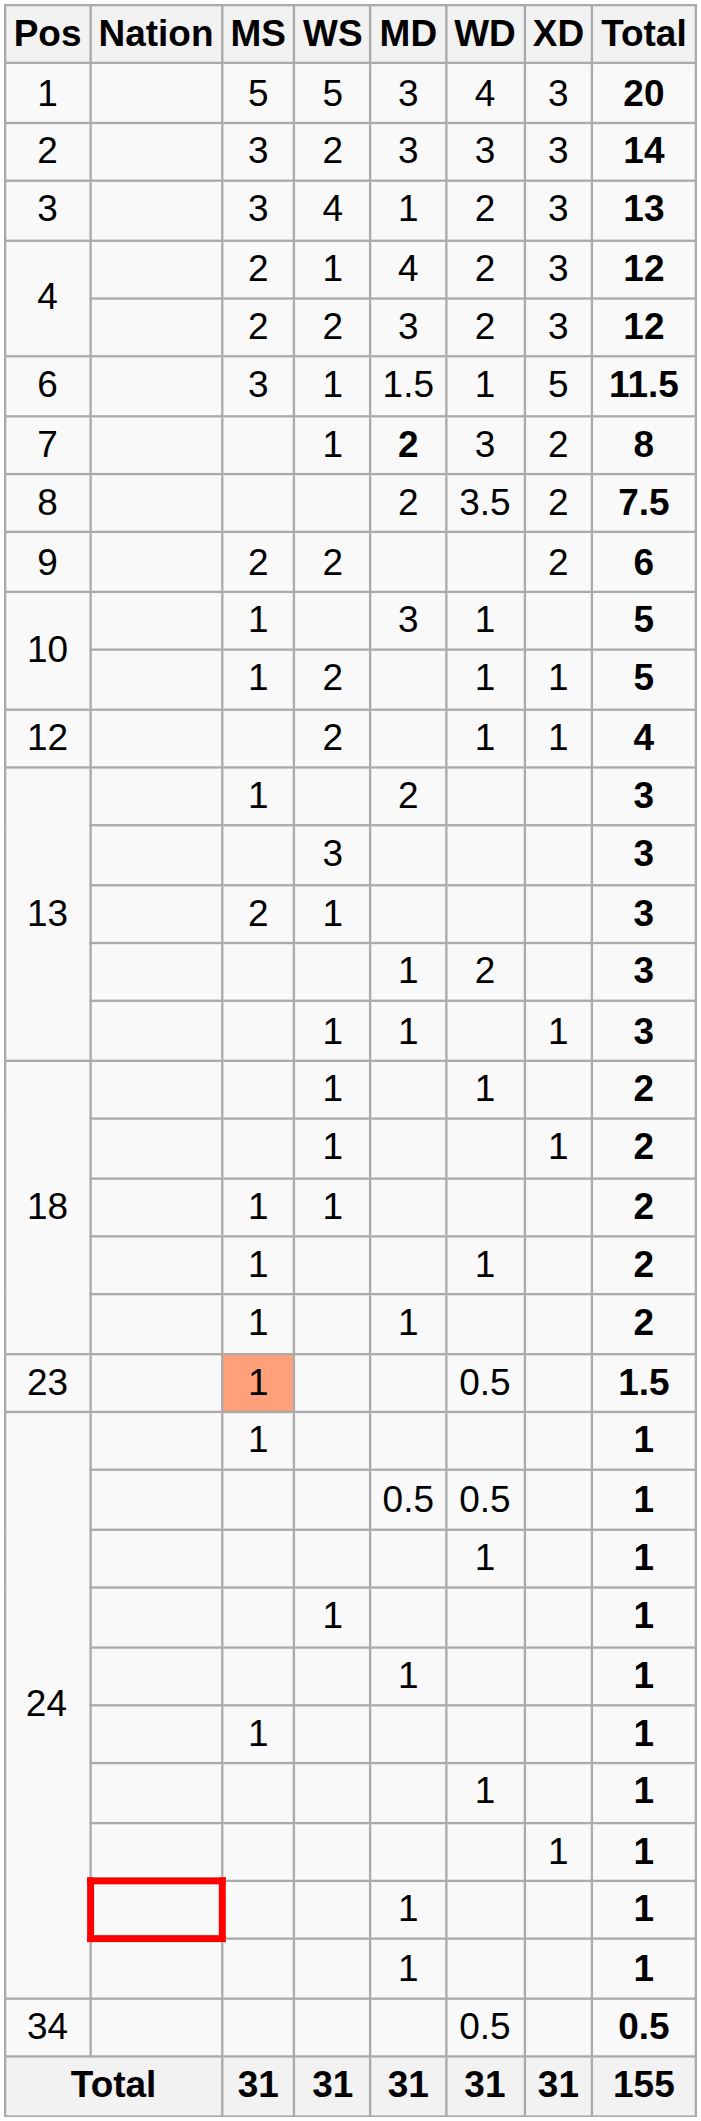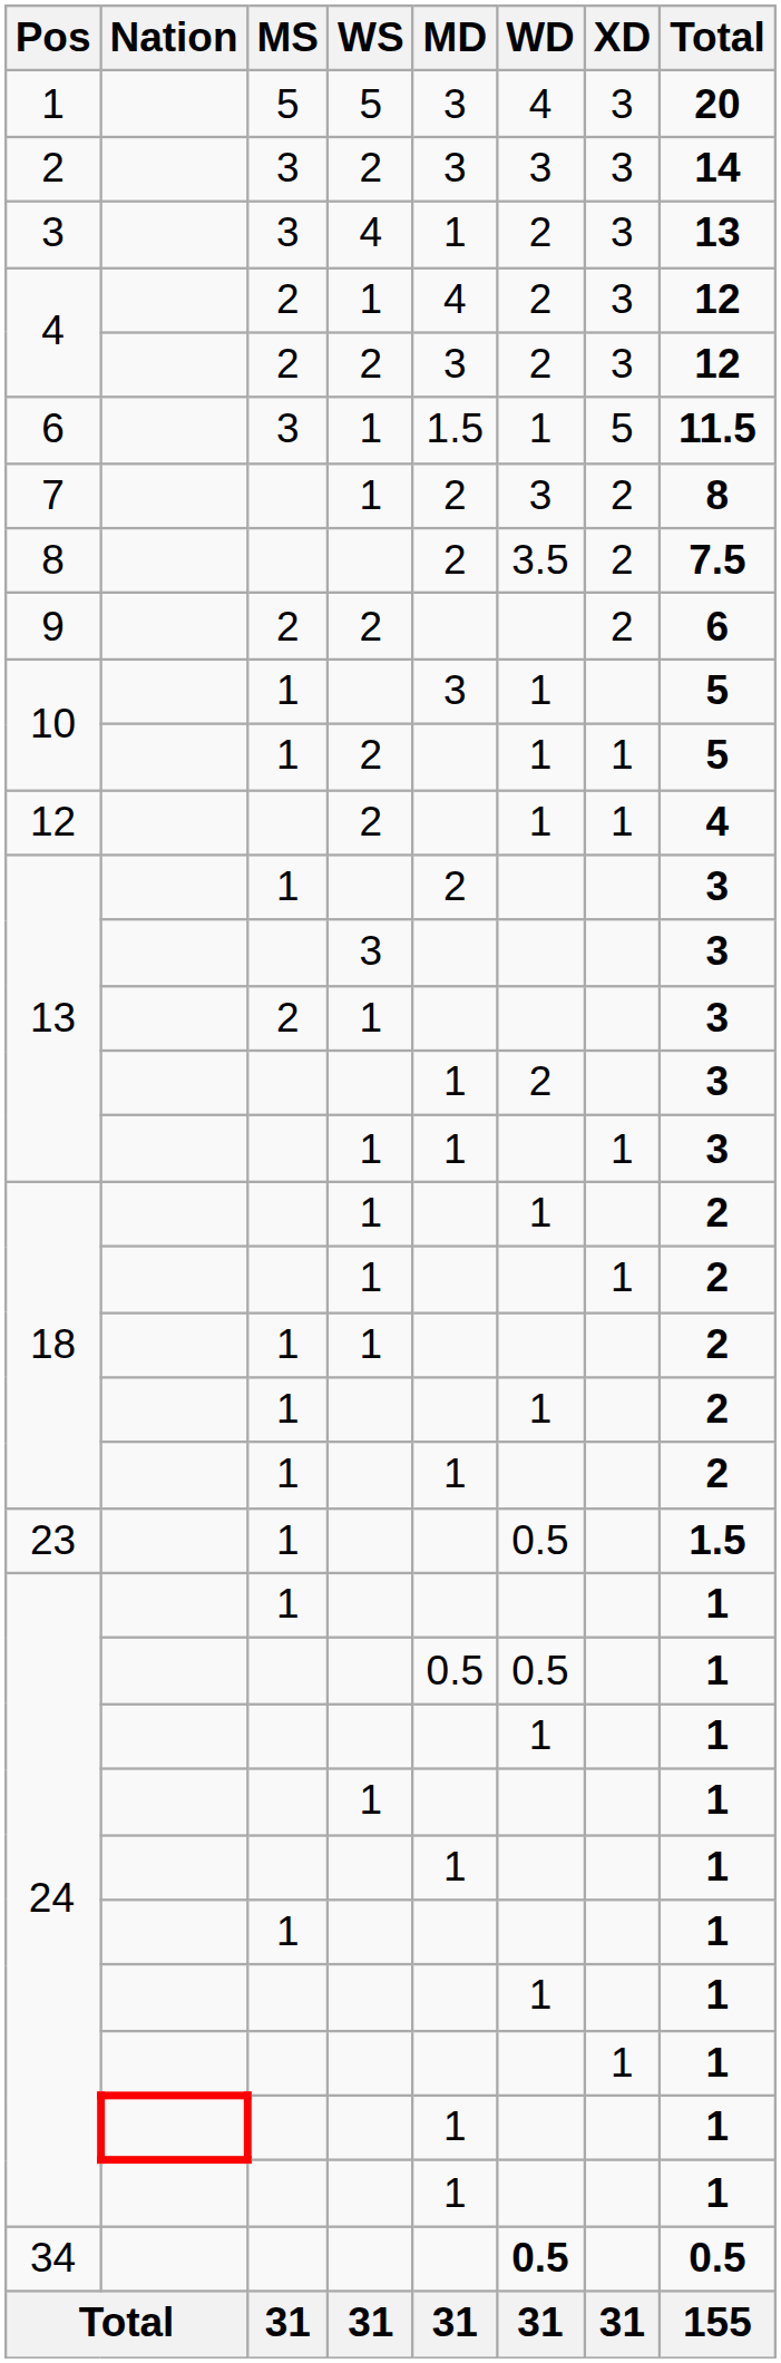 <table class="wikitable" style="text-align:center">
 <tr>
 <th>Pos</th>
 <th>Nation</th>
 <th>MS</th>
 <th>WS</th>
 <th>MD</th>
 <th>WD</th>
 <th>XD</th>
 <th>Total</th>
 </tr>
 <tr>
 <td>1</td>
 <td align="left"></td>
 <td>5</td>
 <td>5</td>
 <td>3</td>
 <td>4</td>
 <td>3</td>
 <td><strong>20</strong></td>
 </tr>
 <tr>
 <td>2</td>
 <td align="left"></td>
 <td>3</td>
 <td>2</td>
 <td>3</td>
 <td>3</td>
 <td>3</td>
 <td><strong>14</strong></td>
 </tr>
 <tr>
 <td>3</td>
 <td align="left"></td>
 <td>3</td>
 <td>4</td>
 <td>1</td>
 <td>2</td>
 <td>3</td>
 <td><strong>13</strong></td>
 </tr>
 <tr>
 <td rowspan="2">4</td>
 <td align="left"></td>
 <td>2</td>
 <td>1</td>
 <td>4</td>
 <td>2</td>
 <td>3</td>
 <td><strong>12</strong></td>
 </tr>
 <tr>
 <td align="left"></td>
 <td>2</td>
 <td>2</td>
 <td>3</td>
 <td>2</td>
 <td>3</td>
 <td><strong>12</strong></td>
 </tr>
 <tr>
 <td>6</td>
 <td align="left"></td>
 <td>3</td>
 <td>1</td>
 <td>1.5</td>
 <td>1</td>
 <td>5</td>
 <td><strong>11.5</strong></td>
 </tr>
 <tr>
 <td>7</td>
 <td align="left"></td>
 <td></td>
 <td>1</td>
-<td><strong>2</strong></td>
+<td>2</td>
 <td>3</td>
 <td>2</td>
 <td><strong>8</strong></td>
 </tr>
 <tr>
 <td>8</td>
 <td align="left"></td>
 <td></td>
 <td></td>
 <td>2</td>
 <td>3.5</td>
 <td>2</td>
 <td><strong>7.5</strong></td>
 </tr>
 <tr>
 <td>9</td>
 <td align="left"></td>
 <td>2</td>
 <td>2</td>
 <td></td>
 <td></td>
 <td>2</td>
 <td><strong>6</strong></td>
 </tr>
 <tr>
 <td rowspan="2">10</td>
 <td align="left"></td>
 <td>1</td>
 <td></td>
 <td>3</td>
 <td>1</td>
 <td></td>
 <td><strong>5</strong></td>
 </tr>
 <tr>
 <td align="left"></td>
 <td>1</td>
 <td>2</td>
 <td></td>
 <td>1</td>
 <td>1</td>
 <td><strong>5</strong></td>
 </tr>
 <tr>
 <td>12</td>
 <td align="left"></td>
 <td></td>
 <td>2</td>
 <td></td>
 <td>1</td>
 <td>1</td>
 <td><strong>4</strong></td>
 </tr>
 <tr>
 <td rowspan="5">13</td>
 <td align="left"></td>
 <td>1</td>
 <td></td>
 <td>2</td>
 <td></td>
 <td></td>
 <td><strong>3</strong></td>
 </tr>
 <tr>
 <td align="left"></td>
 <td></td>
 <td>3</td>
 <td></td>
 <td></td>
 <td></td>
 <td><strong>3</strong></td>
 </tr>
 <tr>
 <td align="left"></td>
 <td>2</td>
 <td>1</td>
 <td></td>
 <td></td>
 <td></td>
 <td><strong>3</strong></td>
 </tr>
 <tr>
 <td align="left"></td>
 <td></td>
 <td></td>
 <td>1</td>
 <td>2</td>
 <td></td>
 <td><strong>3</strong></td>
 </tr>
 <tr>
 <td align="left"></td>
 <td></td>
 <td>1</td>
 <td>1</td>
 <td></td>
 <td>1</td>
 <td><strong>3</strong></td>
 </tr>
 <tr>
 <td rowspan="5">18</td>
 <td align="left"></td>
 <td></td>
 <td>1</td>
 <td></td>
 <td>1</td>
 <td></td>
 <td><strong>2</strong></td>
 </tr>
 <tr>
 <td align="left"></td>
 <td></td>
 <td>1</td>
 <td></td>
 <td></td>
 <td>1</td>
 <td><strong>2</strong></td>
 </tr>
 <tr>
 <td align="left"></td>
 <td>1</td>
 <td>1</td>
 <td></td>
 <td></td>
 <td></td>
 <td><strong>2</strong></td>
 </tr>
 <tr>
 <td align="left"></td>
 <td>1</td>
 <td></td>
 <td></td>
 <td>1</td>
 <td></td>
 <td><strong>2</strong></td>
 </tr>
 <tr>
 <td align="left"></td>
 <td>1</td>
 <td></td>
 <td>1</td>
 <td></td>
 <td></td>
 <td><strong>2</strong></td>
 </tr>
 <tr>
 <td>23</td>
 <td align="left"></td>
-<td style="background: lightsalmon;">1</td>
+<td>1</td>
 <td></td>
 <td></td>
 <td>0.5</td>
 <td></td>
 <td><strong>1.5</strong></td>
 </tr>
 <tr>
 <td rowspan="10">24</td>
 <td align="left"></td>
 <td>1</td>
 <td></td>
 <td></td>
 <td></td>
 <td></td>
 <td><strong>1</strong></td>
 </tr>
 <tr>
 <td align="left"></td>
 <td></td>
 <td></td>
 <td>0.5</td>
 <td>0.5</td>
 <td></td>
 <td><strong>1</strong></td>
 </tr>
 <tr>
 <td align="left"></td>
 <td></td>
 <td></td>
 <td></td>
 <td>1</td>
 <td></td>
 <td><strong>1</strong></td>
 </tr>
 <tr>
 <td align="left"></td>
 <td></td>
 <td>1</td>
 <td></td>
 <td></td>
 <td></td>
 <td><strong>1</strong></td>
 </tr>
 <tr>
 <td align="left"></td>
 <td></td>
 <td></td>
 <td>1</td>
 <td></td>
 <td></td>
 <td><strong>1</strong></td>
 </tr>
 <tr>
 <td align="left"></td>
 <td>1</td>
 <td></td>
 <td></td>
 <td></td>
 <td></td>
 <td><strong>1</strong></td>
 </tr>
 <tr>
 <td align="left"></td>
 <td></td>
 <td></td>
 <td></td>
 <td>1</td>
 <td></td>
 <td><strong>1</strong></td>
 </tr>
 <tr>
 <td align="left"></td>
 <td></td>
 <td></td>
 <td></td>
 <td></td>
 <td>1</td>
 <td><strong>1</strong></td>
 </tr>
 <tr>
 <td align="left" style="border: 3px solid red"><strong></strong></td>
 <td></td>
 <td></td>
 <td>1</td>
 <td></td>
 <td></td>
 <td><strong>1</strong></td>
 </tr>
 <tr>
 <td align="left"></td>
 <td></td>
 <td></td>
 <td>1</td>
 <td></td>
 <td></td>
 <td><strong>1</strong></td>
 </tr>
 <tr>
 <td>34</td>
 <td align="left"></td>
 <td></td>
 <td></td>
 <td></td>
-<td>0.5</td>
+<td><strong>0.5</strong></td>
 <td></td>
 <td><strong>0.5</strong></td>
 </tr>
 <tr>
 <th colspan="2">Total</th>
 <th>31</th>
 <th>31</th>
 <th>31</th>
 <th>31</th>
 <th>31</th>
 <th>155</th>
 </tr>
 </table>
